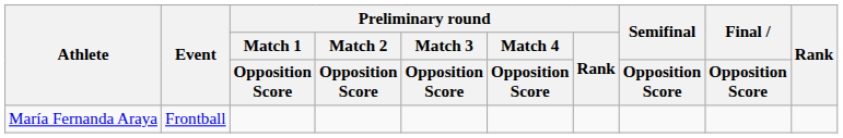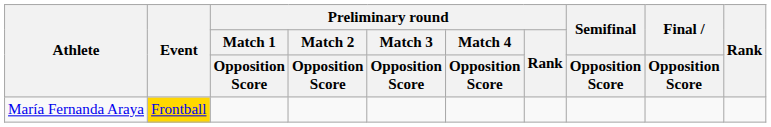 <table class="wikitable" border="1" style="font-size:90%">
 <tr>
 <th rowspan=3>Athlete</th>
 <th rowspan=3>Event</th>
 <th colspan=5>Preliminary round</th>
 <th rowspan=2>Semifinal</th>
 <th rowspan=2>Final / </th>
 <th rowspan=3>Rank</th>
 </tr>
 <tr>
 <th>Match 1</th>
 <th>Match 2</th>
 <th>Match 3</th>
 <th>Match 4</th>
 <th rowspan=2>Rank</th>
 </tr>
 <tr>
 <th>Opposition<br>Score</th>
 <th>Opposition<br>Score</th>
 <th>Opposition<br>Score</th>
 <th>Opposition<br>Score</th>
 <th>Opposition<br>Score</th>
 <th>Opposition<br>Score</th>
 </tr>
 <tr align=center>
 <td align=left><a href='#'>María Fernanda Araya</a></td>
-<td align=left><a href='#'>Frontball</a></td>
+<td align=left style="background: gold;"><a href='#'>Frontball</a></td>
 <td></td>
 <td></td>
 <td></td>
 <td></td>
 <td></td>
 <td></td>
 <td></td>
 <td></td>
 </tr>
 </table>
